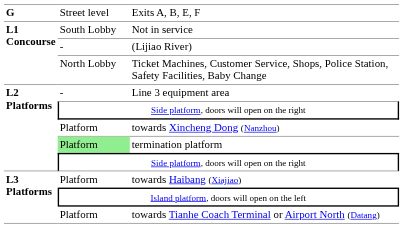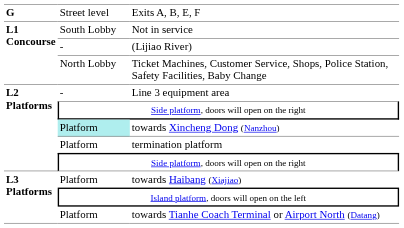 <table table border=0 cellspacing=0 cellpadding=3>
 <tr>
 <td style="border-top:solid 1px gray;" width=50 valign=top><strong>G</strong></td>
 <td style="border-top:solid 1px gray;" width=100 valign=top>Street level</td>
 <td style="border-top:solid 1px gray;" width=390 valign=top>Exits A, B, E, F</td>
 </tr>
 <tr>
 <td style="border-top:solid 1px gray;" valign=top width=50 rowspan=3><strong>L1<br>Concourse</strong></td>
 <td style="border-top:solid 1px gray;" valign=top width=100>South Lobby</td>
 <td style="border-top:solid 1px gray;" valign=top width=390>Not in service</td>
 </tr>
 <tr>
 <td style="border-top:solid 1px gray;" valign=top width=100>-</td>
 <td style="border-top:solid 1px gray;" valign=top width=390>(Lijiao River)</td>
 </tr>
 <tr>
 <td style="border-top:solid 1px gray;" valign=top width=100>North Lobby</td>
 <td style="border-top:solid 1px gray;" valign=top width=390>Ticket Machines, Customer Service, Shops, Police Station, Safety Facilities, Baby Change</td>
 </tr>
 <tr>
 <td style="border-top:solid 1px gray;border-bottom:solid 1px gray;" rowspan=5 valign=top><strong>L2<br>Platforms</strong></td>
 <td style="border-top:solid 1px gray;" valign=top width=100>-</td>
 <td style="border-top:solid 1px gray;" valign=top width=390>Line 3 equipment area</td>
 </tr>
 <tr>
 <td style="border-right:solid 2px black;border-left:solid 2px black;border-bottom:solid 2px black;border-top:solid 1px gray;text-align:center;" colspan=2><small><a href='#'>Side platform</a>, doors will open on the right</small></td>
 </tr>
 <tr>
-<td style="border-bottom:solid 1px gray;">Platform </td>
+<td style="background: paleturquoise; border-bottom:solid 1px gray;">Platform </td>
 <td style="border-bottom:solid 1px gray;">  towards <a href='#'>Xincheng Dong</a> <small>(<a href='#'>Nanzhou</a>)</small></td>
 </tr>
 <tr>
-<td style="background: lightgreen;">Platform </td>
+<td>Platform </td>
 <td> termination platform</td>
 </tr>
 <tr>
 <td style="border-right:solid 2px black;border-left:solid 2px black;border-top:solid 2px black;border-bottom:solid 1px gray;text-align:center;" colspan=2><small><a href='#'>Side platform</a>, doors will open on the right</small></td>
 </tr>
 <tr>
 <td style="border-bottom:solid 1px gray;" rowspan=3 valign=top><strong>L3<br>Platforms</strong></td>
 <td>Platform </td>
 <td>  towards <a href='#'>Haibang</a> <small>(<a href='#'>Xiajiao</a>)</small></td>
 </tr>
 <tr>
 <td style="border-right:solid 2px black;border-left:solid 2px black;border-top:solid 2px black;border-bottom:solid 2px black;text-align:center;" colspan=2><small><a href='#'>Island platform</a>, doors will open on the left</small></td>
 </tr>
 <tr>
 <td style="border-bottom:solid 1px gray;">Platform </td>
 <td style="border-bottom:solid 1px gray;"> towards <a href='#'>Tianhe Coach Terminal</a> or <a href='#'>Airport North</a> <small>(<a href='#'>Datang</a>)</small> </td>
 </tr>
 </table>
